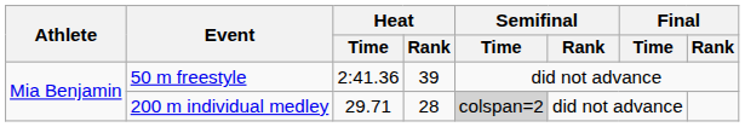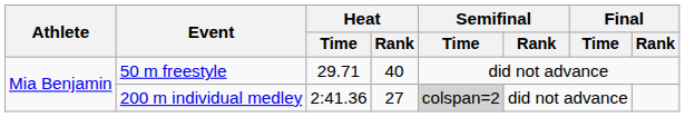 <table class=wikitable style="font-size:90%">
 <tr>
 <th rowspan=2>Athlete</th>
 <th rowspan=2>Event</th>
 <th colspan="2">Heat</th>
 <th colspan="2">Semifinal</th>
 <th colspan="2">Final</th>
 </tr>
 <tr style="font-size:95%">
 <th>Time</th>
 <th>Rank</th>
 <th>Time</th>
 <th>Rank</th>
 <th>Time</th>
 <th>Rank</th>
 </tr>
 <tr align=center>
 <td align=left rowspan=2><a href='#'>Mia Benjamin</a></td>
 <td align=left><a href='#'>50 m freestyle</a></td>
-<td>2:41.36</td>
-<td>39</td>
+<td>29.71</td>
+<td>40</td>
 <td colspan=4>did not advance</td>
 </tr>
 <tr align=center>
 <td align=left><a href='#'>200 m individual medley</a></td>
-<td>29.71</td>
-<td>28</td>
+<td>2:41.36</td>
+<td>27</td>
 <td style="background: lightgrey;">colspan=2 </td>
 <td colspan=2>did not advance</td>
 </tr>
 </table>
